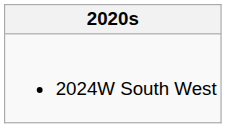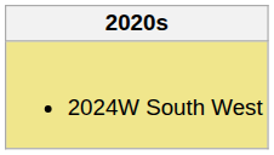 <table class="wikitable">
 <tr>
 <th>2020s</th>
 </tr>
 <tr>
-<td><br><ul><li>2024W	South West</li></ul></td>
+<td style="background: khaki;"><br><ul><li>2024W	South West</li></ul></td>
 </tr>
 </table>
